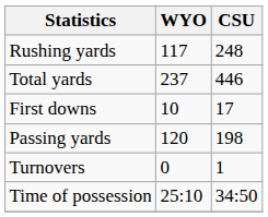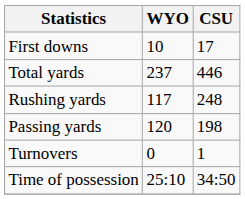 <table class="wikitable" style="float: left;">
 <tr>
 <th>Statistics</th>
 <th>WYO</th>
 <th>CSU</th>
 </tr>
 <tr>
-<td>Rushing yards</td>
-<td>117</td>
-<td>248</td>
+<td>First downs</td>
+<td>10</td>
+<td>17</td>
 </tr>
 <tr>
 <td>Total yards</td>
 <td>237</td>
 <td>446</td>
 </tr>
 <tr>
-<td>First downs</td>
-<td>10</td>
-<td>17</td>
+<td>Rushing yards</td>
+<td>117</td>
+<td>248</td>
 </tr>
 <tr>
 <td>Passing yards</td>
 <td>120</td>
 <td>198</td>
 </tr>
 <tr>
 <td>Turnovers</td>
 <td>0</td>
 <td>1</td>
 </tr>
 <tr>
 <td>Time of possession</td>
 <td>25:10</td>
 <td>34:50</td>
 </tr>
 <tr>
 </tr>
 </table>
